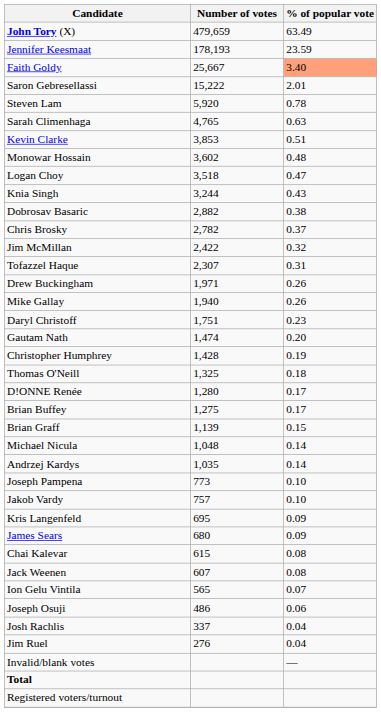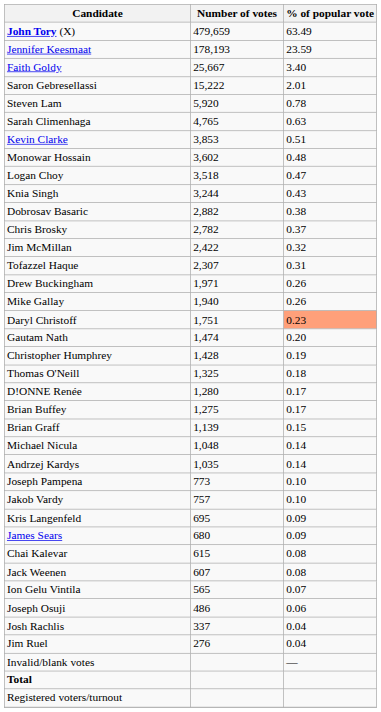 <table class="wikitable">
 <tr>
 <th width=50%>Candidate</th>
 <th width=25%>Number of votes</th>
 <th width=25%>% of popular vote</th>
 </tr>
 <tr>
 <td><strong><a href='#'>John Tory</a></strong> (X)</td>
 <td>479,659</td>
 <td>63.49</td>
 </tr>
 <tr>
 <td><a href='#'>Jennifer Keesmaat</a></td>
 <td>178,193</td>
 <td>23.59</td>
 </tr>
 <tr>
 <td><a href='#'>Faith Goldy</a></td>
 <td>25,667</td>
-<td style="background: lightsalmon;">3.40</td>
+<td>3.40</td>
 </tr>
 <tr>
 <td>Saron Gebresellassi</td>
 <td>15,222</td>
 <td>2.01</td>
 </tr>
 <tr>
 <td>Steven Lam</td>
 <td>5,920</td>
 <td>0.78</td>
 </tr>
 <tr>
 <td>Sarah Climenhaga</td>
 <td>4,765</td>
 <td>0.63</td>
 </tr>
 <tr>
 <td><a href='#'>Kevin Clarke</a></td>
 <td>3,853</td>
 <td>0.51</td>
 </tr>
 <tr>
 <td>Monowar Hossain</td>
 <td>3,602</td>
 <td>0.48</td>
 </tr>
 <tr>
 <td>Logan Choy</td>
 <td>3,518</td>
 <td>0.47</td>
 </tr>
 <tr>
 <td>Knia Singh</td>
 <td>3,244</td>
 <td>0.43</td>
 </tr>
 <tr>
 <td>Dobrosav Basaric</td>
 <td>2,882</td>
 <td>0.38</td>
 </tr>
 <tr>
 <td>Chris Brosky</td>
 <td>2,782</td>
 <td>0.37</td>
 </tr>
 <tr>
 <td>Jim McMillan</td>
 <td>2,422</td>
 <td>0.32</td>
 </tr>
 <tr>
 <td>Tofazzel Haque</td>
 <td>2,307</td>
 <td>0.31</td>
 </tr>
 <tr>
 <td>Drew Buckingham</td>
 <td>1,971</td>
 <td>0.26</td>
 </tr>
 <tr>
 <td>Mike Gallay</td>
 <td>1,940</td>
 <td>0.26</td>
 </tr>
 <tr>
 <td>Daryl Christoff</td>
 <td>1,751</td>
-<td>0.23</td>
+<td style="background: lightsalmon;">0.23</td>
 </tr>
 <tr>
 <td>Gautam Nath</td>
 <td>1,474</td>
 <td>0.20</td>
 </tr>
 <tr>
 <td>Christopher Humphrey</td>
 <td>1,428</td>
 <td>0.19</td>
 </tr>
 <tr>
 <td>Thomas O'Neill</td>
 <td>1,325</td>
 <td>0.18</td>
 </tr>
 <tr>
 <td>D!ONNE Renée</td>
 <td>1,280</td>
 <td>0.17</td>
 </tr>
 <tr>
 <td>Brian Buffey</td>
 <td>1,275</td>
 <td>0.17</td>
 </tr>
 <tr>
 <td>Brian Graff</td>
 <td>1,139</td>
 <td>0.15</td>
 </tr>
 <tr>
 <td>Michael Nicula</td>
 <td>1,048</td>
 <td>0.14</td>
 </tr>
 <tr>
 <td>Andrzej Kardys</td>
 <td>1,035</td>
 <td>0.14</td>
 </tr>
 <tr>
 <td>Joseph Pampena</td>
 <td>773</td>
 <td>0.10</td>
 </tr>
 <tr>
 <td>Jakob Vardy</td>
 <td>757</td>
 <td>0.10</td>
 </tr>
 <tr>
 <td>Kris Langenfeld</td>
 <td>695</td>
 <td>0.09</td>
 </tr>
 <tr>
 <td><a href='#'>James Sears</a></td>
 <td>680</td>
 <td>0.09</td>
 </tr>
 <tr>
 <td>Chai Kalevar</td>
 <td>615</td>
 <td>0.08</td>
 </tr>
 <tr>
 <td>Jack Weenen</td>
 <td>607</td>
 <td>0.08</td>
 </tr>
 <tr>
 <td>Ion Gelu Vintila</td>
 <td>565</td>
 <td>0.07</td>
 </tr>
 <tr>
 <td>Joseph Osuji</td>
 <td>486</td>
 <td>0.06</td>
 </tr>
 <tr>
 <td>Josh Rachlis</td>
 <td>337</td>
 <td>0.04</td>
 </tr>
 <tr>
 <td>Jim Ruel</td>
 <td>276</td>
 <td>0.04</td>
 </tr>
 <tr>
 <td>Invalid/blank votes</td>
 <td></td>
 <td>—</td>
 </tr>
 <tr>
 <td><strong>Total</strong></td>
 <td></td>
 <td></td>
 </tr>
 <tr>
 <td>Registered voters/turnout</td>
 <td></td>
 <td></td>
 </tr>
 <tr>
 </tr>
 </table>
